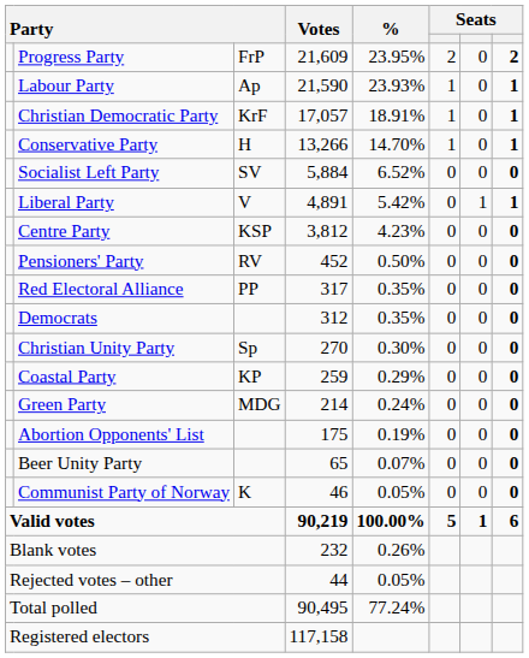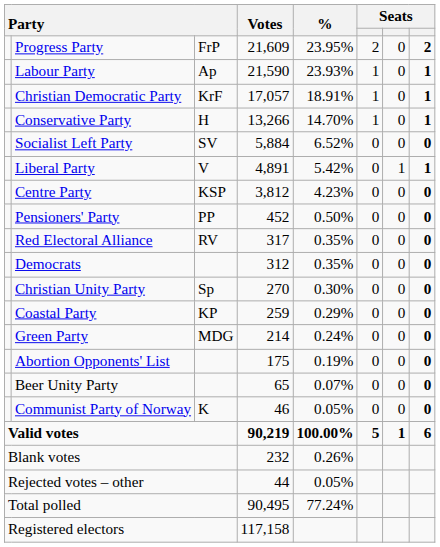 <table class="wikitable" border="1" style="text-align:right;">
 <tr>
 <th style="text-align:left;" valign=bottom rowspan=2 colspan=3>Party</th>
 <th align=center valign=bottom rowspan=2 width="50">Votes</th>
 <th align=center valign=bottom rowspan=2 width="50">%</th>
 <th colspan=3>Seats</th>
 </tr>
 <tr>
 <th align=center valign=bottom width="20"><small></small></th>
 <th align=center valign=bottom width="20"><small><a href='#'></a></small></th>
 <th align=center valign=bottom width="20"><small></small></th>
 </tr>
 <tr>
 <td style="color:inherit;background:"></td>
 <td align=left><a href='#'>Progress Party</a></td>
 <td align=left>FrP</td>
 <td>21,609</td>
 <td>23.95%</td>
 <td>2</td>
 <td>0</td>
 <td><strong>2</strong></td>
 </tr>
 <tr>
 <td style="color:inherit;background:"></td>
 <td align=left><a href='#'>Labour Party</a></td>
 <td align=left>Ap</td>
 <td>21,590</td>
 <td>23.93%</td>
 <td>1</td>
 <td>0</td>
 <td><strong>1</strong></td>
 </tr>
 <tr>
 <td style="color:inherit;background:"></td>
 <td align=left><a href='#'>Christian Democratic Party</a></td>
 <td align=left>KrF</td>
 <td>17,057</td>
 <td>18.91%</td>
 <td>1</td>
 <td>0</td>
 <td><strong>1</strong></td>
 </tr>
 <tr>
 <td style="color:inherit;background:"></td>
 <td align=left><a href='#'>Conservative Party</a></td>
 <td align=left>H</td>
 <td>13,266</td>
 <td>14.70%</td>
 <td>1</td>
 <td>0</td>
 <td><strong>1</strong></td>
 </tr>
 <tr>
 <td style="color:inherit;background:"></td>
 <td align=left><a href='#'>Socialist Left Party</a></td>
 <td align=left>SV</td>
 <td>5,884</td>
 <td>6.52%</td>
 <td>0</td>
 <td>0</td>
 <td><strong>0</strong></td>
 </tr>
 <tr>
 <td style="color:inherit;background:"></td>
 <td align=left><a href='#'>Liberal Party</a></td>
 <td align=left>V</td>
 <td>4,891</td>
 <td>5.42%</td>
 <td>0</td>
 <td>1</td>
 <td><strong>1</strong></td>
 </tr>
 <tr>
 <td style="color:inherit;background:"></td>
 <td align=left><a href='#'>Centre Party</a></td>
 <td align=left>KSP</td>
 <td>3,812</td>
 <td>4.23%</td>
 <td>0</td>
 <td>0</td>
 <td><strong>0</strong></td>
 </tr>
 <tr>
 <td style="color:inherit;background:"></td>
 <td align=left><a href='#'>Pensioners' Party</a></td>
-<td align=left>RV</td>
+<td align=left>PP</td>
 <td>452</td>
 <td>0.50%</td>
 <td>0</td>
 <td>0</td>
 <td><strong>0</strong></td>
 </tr>
 <tr>
 <td style="color:inherit;background:"></td>
 <td align=left><a href='#'>Red Electoral Alliance</a></td>
-<td align=left>PP</td>
+<td align=left>RV</td>
 <td>317</td>
 <td>0.35%</td>
 <td>0</td>
 <td>0</td>
 <td><strong>0</strong></td>
 </tr>
 <tr>
 <td style="color:inherit;background:"></td>
 <td align=left><a href='#'>Democrats</a></td>
 <td align=left></td>
 <td>312</td>
 <td>0.35%</td>
 <td>0</td>
 <td>0</td>
 <td><strong>0</strong></td>
 </tr>
 <tr>
 <td style="color:inherit;background:"></td>
 <td align=left><a href='#'>Christian Unity Party</a></td>
 <td align=left>Sp</td>
 <td>270</td>
 <td>0.30%</td>
 <td>0</td>
 <td>0</td>
 <td><strong>0</strong></td>
 </tr>
 <tr>
 <td style="color:inherit;background:"></td>
 <td align=left><a href='#'>Coastal Party</a></td>
 <td align=left>KP</td>
 <td>259</td>
 <td>0.29%</td>
 <td>0</td>
 <td>0</td>
 <td><strong>0</strong></td>
 </tr>
 <tr>
 <td style="color:inherit;background:"></td>
 <td align=left><a href='#'>Green Party</a></td>
 <td align=left>MDG</td>
 <td>214</td>
 <td>0.24%</td>
 <td>0</td>
 <td>0</td>
 <td><strong>0</strong></td>
 </tr>
 <tr>
 <td></td>
 <td align=left><a href='#'>Abortion Opponents' List</a></td>
 <td align=left></td>
 <td>175</td>
 <td>0.19%</td>
 <td>0</td>
 <td>0</td>
 <td><strong>0</strong></td>
 </tr>
 <tr>
 <td style="color:inherit;background:"></td>
 <td align=left>Beer Unity Party</td>
 <td align=left></td>
 <td>65</td>
 <td>0.07%</td>
 <td>0</td>
 <td>0</td>
 <td><strong>0</strong></td>
 </tr>
 <tr>
 <td style="color:inherit;background:"></td>
 <td align=left><a href='#'>Communist Party of Norway</a></td>
 <td align=left>K</td>
 <td>46</td>
 <td>0.05%</td>
 <td>0</td>
 <td>0</td>
 <td><strong>0</strong></td>
 </tr>
 <tr style="font-weight:bold">
 <td align=left colspan=3>Valid votes</td>
 <td>90,219</td>
 <td>100.00%</td>
 <td>5</td>
 <td>1</td>
 <td>6</td>
 </tr>
 <tr>
 <td align=left colspan=3>Blank votes</td>
 <td>232</td>
 <td>0.26%</td>
 <td></td>
 <td></td>
 <td></td>
 </tr>
 <tr>
 <td align=left colspan=3>Rejected votes – other</td>
 <td>44</td>
 <td>0.05%</td>
 <td></td>
 <td></td>
 <td></td>
 </tr>
 <tr>
 <td align=left colspan=3>Total polled</td>
 <td>90,495</td>
 <td>77.24%</td>
 <td></td>
 <td></td>
 <td></td>
 </tr>
 <tr>
 <td align=left colspan=3>Registered electors</td>
 <td>117,158</td>
 <td></td>
 <td></td>
 <td></td>
 <td></td>
 </tr>
 </table>
